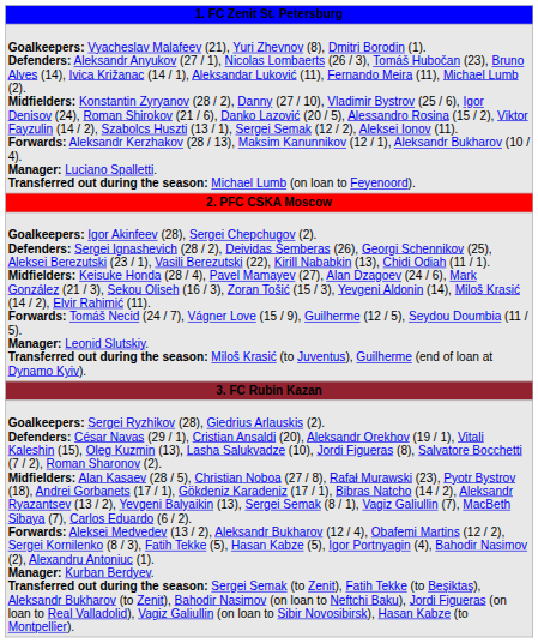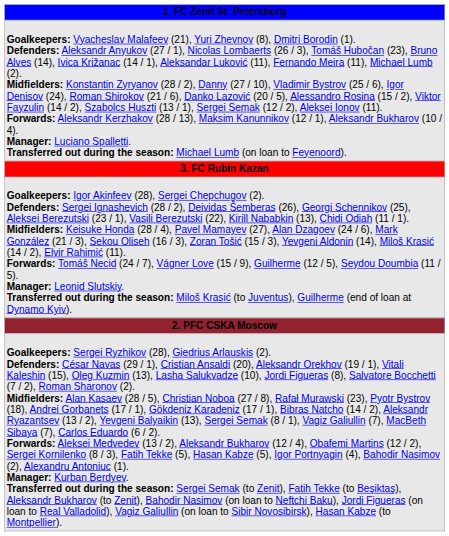 <table class="wikitable" Width="700">
 <tr bgcolor="#0000FF">
 <td align="center" width="700"><span> <strong>1. FC Zenit St. Petersburg</strong> </span></td>
 </tr>
 <tr bgcolor="#E8E8E8">
 <td align="left" width="700"><br><strong>Goalkeepers:</strong> <a href='#'>Vyacheslav Malafeev</a> (21),  <a href='#'>Yuri Zhevnov</a> (8), <a href='#'>Dmitri Borodin</a> (1).<br> <strong>Defenders:</strong> <a href='#'>Aleksandr Anyukov</a> (27 / 1),  <a href='#'>Nicolas Lombaerts</a> (26 / 3),  <a href='#'>Tomáš Hubočan</a> (23),  <a href='#'>Bruno Alves</a> (14),  <a href='#'>Ivica Križanac</a> (14 / 1),  <a href='#'>Aleksandar Luković</a> (11),  <a href='#'>Fernando Meira</a> (11),  <a href='#'>Michael Lumb</a> (2).<br> <strong>Midfielders:</strong> <a href='#'>Konstantin Zyryanov</a> (28 / 2),  <a href='#'>Danny</a> (27 / 10), <a href='#'>Vladimir Bystrov</a> (25 / 6), <a href='#'>Igor Denisov</a> (24), <a href='#'>Roman Shirokov</a> (21 / 6),  <a href='#'>Danko Lazović</a> (20 / 5),  <a href='#'>Alessandro Rosina</a> (15 / 2), <a href='#'>Viktor Fayzulin</a> (14 / 2),  <a href='#'>Szabolcs Huszti</a> (13 / 1), <a href='#'>Sergei Semak</a> (12 / 2), <a href='#'>Aleksei Ionov</a> (11).<br> <strong>Forwards:</strong> <a href='#'>Aleksandr Kerzhakov</a> (28 / 13), <a href='#'>Maksim Kanunnikov</a> (12 / 1), <a href='#'>Aleksandr Bukharov</a> (10 / 4).<br> <strong>Manager:</strong>  <a href='#'>Luciano Spalletti</a>.<br><strong>Transferred out during the season:</strong>  <a href='#'>Michael Lumb</a> (on loan to  <a href='#'>Feyenoord</a>).</td>
 </tr>
 <tr bgcolor="#FF0000">
-<td align="center" width="700"><span> <strong>2. PFC CSKA Moscow</strong> </span></td>
+<td align="center" width="700"><span> <strong>3. FC Rubin Kazan</strong> </span></td>
 </tr>
 <tr bgcolor="#E8E8E8">
 <td align="left" width="700"><br><strong>Goalkeepers:</strong> <a href='#'>Igor Akinfeev</a> (28), <a href='#'>Sergei Chepchugov</a> (2).<br> <strong>Defenders:</strong> <a href='#'>Sergei Ignashevich</a> (28 / 2),  <a href='#'>Deividas Šemberas</a> (26), <a href='#'>Georgi Schennikov</a> (25), <a href='#'>Aleksei Berezutski</a> (23 / 1), <a href='#'>Vasili Berezutski</a> (22), <a href='#'>Kirill Nababkin</a> (13),  <a href='#'>Chidi Odiah</a> (11 / 1).<br> <strong>Midfielders:</strong>  <a href='#'>Keisuke Honda</a> (28 / 4), <a href='#'>Pavel Mamayev</a> (27), <a href='#'>Alan Dzagoev</a> (24 / 6),  <a href='#'>Mark González</a> (21 / 3),  <a href='#'>Sekou Oliseh</a> (16 / 3),  <a href='#'>Zoran Tošić</a> (15 / 3), <a href='#'>Yevgeni Aldonin</a> (14),  <a href='#'>Miloš Krasić</a> (14 / 2),  <a href='#'>Elvir Rahimić</a> (11).<br> <strong>Forwards:</strong>  <a href='#'>Tomáš Necid</a> (24 / 7),  <a href='#'>Vágner Love</a> (15 / 9),  <a href='#'>Guilherme</a> (12 / 5),  <a href='#'>Seydou Doumbia</a> (11 / 5).<br> <strong>Manager:</strong> <a href='#'>Leonid Slutskiy</a>.<br><strong>Transferred out during the season:</strong>  <a href='#'>Miloš Krasić</a> (to  <a href='#'>Juventus</a>),  <a href='#'>Guilherme</a> (end of loan at  <a href='#'>Dynamo Kyiv</a>).</td>
 </tr>
 <tr bgcolor="#92222f">
-<td align="center" width="700"><span> <strong>3. FC Rubin Kazan</strong> </span></td>
+<td align="center" width="700"><span> <strong>2. PFC CSKA Moscow</strong> </span></td>
 </tr>
 <tr bgcolor="#E8E8E8">
 <td align="left" width="700"><br><strong>Goalkeepers:</strong> <a href='#'>Sergei Ryzhikov</a> (28),  <a href='#'>Giedrius Arlauskis</a> (2).<br> <strong>Defenders:</strong>  <a href='#'>César Navas</a> (29 / 1),  <a href='#'>Cristian Ansaldi</a> (20), <a href='#'>Aleksandr Orekhov</a> (19 / 1), <a href='#'>Vitali Kaleshin</a> (15), <a href='#'>Oleg Kuzmin</a> (13),  <a href='#'>Lasha Salukvadze</a> (10),  <a href='#'>Jordi Figueras</a> (8),  <a href='#'>Salvatore Bocchetti</a> (7 / 2), <a href='#'>Roman Sharonov</a> (2).<br> <strong>Midfielders:</strong> <a href='#'>Alan Kasaev</a> (28 / 5),  <a href='#'>Christian Noboa</a> (27 / 8),  <a href='#'>Rafał Murawski</a> (23), <a href='#'>Pyotr Bystrov</a> (18), <a href='#'>Andrei Gorbanets</a> (17 / 1),  <a href='#'>Gökdeniz Karadeniz</a> (17 / 1),  <a href='#'>Bibras Natcho</a> (14 / 2), <a href='#'>Aleksandr Ryazantsev</a> (13 / 2), <a href='#'>Yevgeni Balyaikin</a> (13), <a href='#'>Sergei Semak</a> (8 / 1),  <a href='#'>Vagiz Galiullin</a> (7),  <a href='#'>MacBeth Sibaya</a> (7),  <a href='#'>Carlos Eduardo</a> (6 / 2).<br> <strong>Forwards:</strong> <a href='#'>Aleksei Medvedev</a> (13 / 2), <a href='#'>Aleksandr Bukharov</a> (12 / 4),  <a href='#'>Obafemi Martins</a> (12 / 2),  <a href='#'>Sergei Kornilenko</a> (8 / 3),  <a href='#'>Fatih Tekke</a> (5),  <a href='#'>Hasan Kabze</a> (5), <a href='#'>Igor Portnyagin</a> (4),  <a href='#'>Bahodir Nasimov</a> (2),  <a href='#'>Alexandru Antoniuc</a> (1).<br><strong>Manager:</strong>   <a href='#'>Kurban Berdyev</a>.<br><strong>Transferred out during the season:</strong> <a href='#'>Sergei Semak</a> (to <a href='#'>Zenit</a>),  <a href='#'>Fatih Tekke</a> (to  <a href='#'>Beşiktaş</a>), <a href='#'>Aleksandr Bukharov</a> (to <a href='#'>Zenit</a>),  <a href='#'>Bahodir Nasimov</a> (on loan to  <a href='#'>Neftchi Baku</a>),  <a href='#'>Jordi Figueras</a> (on loan to  <a href='#'>Real Valladolid</a>),  <a href='#'>Vagiz Galiullin</a> (on loan to <a href='#'>Sibir Novosibirsk</a>),  <a href='#'>Hasan Kabze</a> (to  <a href='#'>Montpellier</a>).</td>
 </tr>
 </table>
